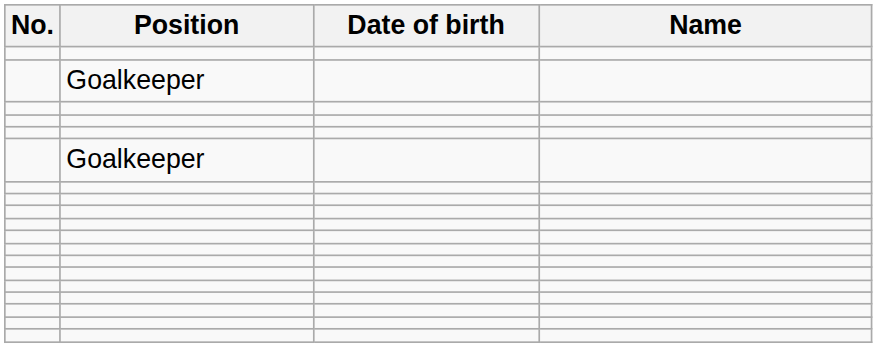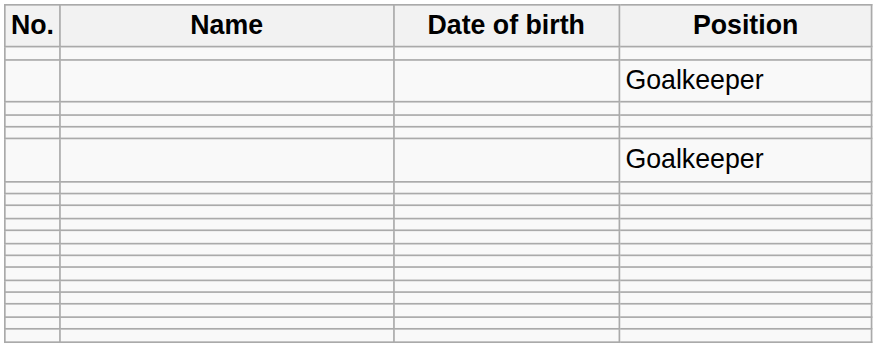 <table class="wikitable sortable" style=font-size:100%; text-align:center;>
 <tr>
 <th>No.</th>
+<th style=width:12em>Name</th>
+<th style=width:8em>Date of birth</th>
 <th style=width:9em>Position</th>
-<th style=width:8em>Date of birth</th>
-<th style=width:12em>Name</th>
 </tr>
 <tr>
 <td></td>
+<td align=left></td>
+<td align=right></td>
 <td></td>
-<td align=right></td>
-<td align=left></td>
 </tr>
 <tr>
 <td></td>
+<td align=left></td>
+<td align=right></td>
 <td>Goalkeeper</td>
-<td align=right></td>
-<td align=left></td>
 </tr>
 <tr>
 <td></td>
+<td align=left></td>
+<td align=right></td>
 <td></td>
-<td align=right></td>
-<td align=left></td>
 </tr>
 <tr>
 <td></td>
+<td align=left></td>
+<td align=right></td>
 <td></td>
-<td align=right></td>
-<td align=left></td>
 </tr>
 <tr>
 <td></td>
+<td align=left></td>
+<td align=right></td>
 <td></td>
-<td align=right></td>
-<td align=left></td>
 </tr>
 <tr>
 <td></td>
+<td align=left></td>
+<td align=right></td>
 <td>Goalkeeper</td>
-<td align=right></td>
-<td align=left></td>
 </tr>
 <tr>
 <td></td>
+<td align=left></td>
+<td align=right></td>
 <td></td>
-<td align=right></td>
-<td align=left></td>
 </tr>
 <tr>
 <td></td>
+<td align=left></td>
+<td align=right></td>
 <td></td>
-<td align=right></td>
-<td align=left></td>
 </tr>
 <tr>
 <td></td>
+<td align=left></td>
+<td align=right></td>
 <td></td>
-<td align=right></td>
-<td align=left></td>
 </tr>
 <tr>
 <td></td>
+<td align=left></td>
+<td align=right></td>
 <td></td>
-<td align=right></td>
-<td align=left></td>
 </tr>
 <tr>
 <td></td>
+<td align=left></td>
+<td align=right></td>
 <td></td>
-<td align=right></td>
-<td align=left></td>
 </tr>
 <tr>
 <td></td>
+<td align=left></td>
+<td align=right></td>
 <td></td>
-<td align=right></td>
-<td align=left></td>
 </tr>
 <tr>
 <td></td>
+<td align=left></td>
+<td align=right></td>
 <td></td>
-<td align=right></td>
-<td align=left></td>
 </tr>
 <tr>
 <td></td>
+<td align=left></td>
+<td align=right></td>
 <td></td>
-<td align=right></td>
-<td align=left></td>
 </tr>
 <tr>
 <td></td>
+<td align=left></td>
+<td align=right></td>
 <td></td>
-<td align=right></td>
-<td align=left></td>
 </tr>
 <tr>
 <td></td>
+<td align=left></td>
+<td align=right></td>
 <td></td>
-<td align=right></td>
-<td align=left></td>
 </tr>
 <tr>
 <td></td>
+<td align=left></td>
+<td align=right></td>
 <td></td>
-<td align=right></td>
-<td align=left></td>
 </tr>
 <tr>
 <td></td>
+<td align=left></td>
+<td align=right></td>
 <td></td>
-<td align=right></td>
-<td align=left></td>
 </tr>
 <tr>
 <td></td>
+<td align=left></td>
+<td align=right></td>
 <td></td>
-<td align=right></td>
-<td align=left></td>
 </tr>
 </table>
